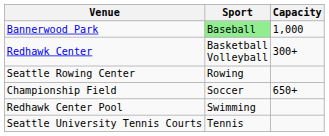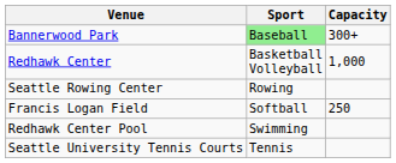 <table class="wikitable"; style= "text-align: ">
 <tr>
 <th width=px>Venue</th>
 <th width=px>Sport</th>
 <th width=px>Capacity</th>
 </tr>
 <tr>
 <td><a href='#'>Bannerwood Park</a></td>
 <td style="background: lightgreen;">Baseball</td>
-<td>1,000</td>
+<td>300+</td>
 </tr>
 <tr>
 <td><a href='#'>Redhawk Center</a></td>
 <td>Basketball<br> Volleyball</td>
-<td>300+</td>
+<td>1,000</td>
 </tr>
 <tr>
 <td>Seattle Rowing Center</td>
 <td>Rowing</td>
 <td></td>
 </tr>
 <tr>
-<td>Championship Field</td>
-<td>Soccer</td>
-<td>650+</td>
+<td>Francis Logan Field</td>
+<td>Softball</td>
+<td>250</td>
 </tr>
 <tr>
 <td>Redhawk Center Pool</td>
 <td>Swimming</td>
 <td></td>
 </tr>
 <tr>
 <td>Seattle University Tennis Courts</td>
 <td>Tennis</td>
 </tr>
 </table>
